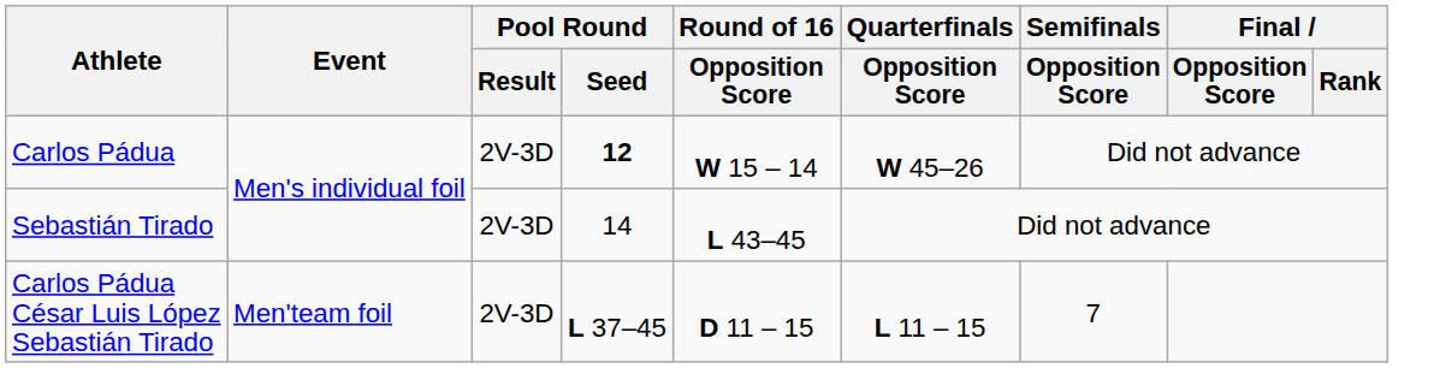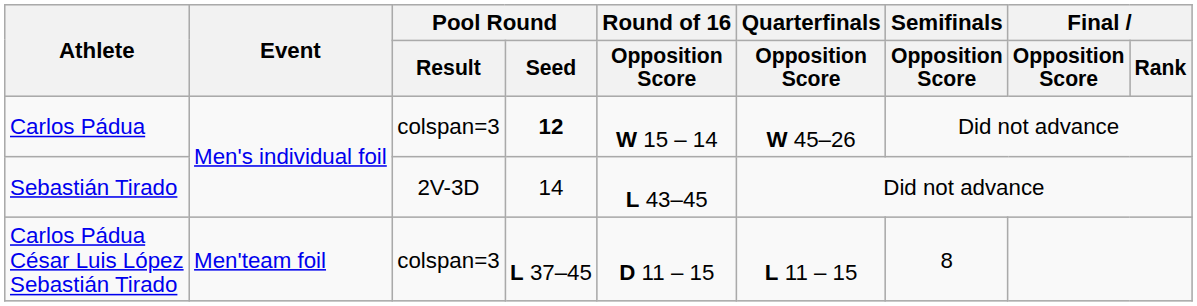 <table class=wikitable style="font-size:90%">
 <tr>
 <th rowspan="2">Athlete</th>
 <th rowspan="2">Event</th>
 <th colspan=2>Pool Round</th>
 <th>Round of 16</th>
 <th>Quarterfinals</th>
 <th>Semifinals</th>
 <th colspan=2>Final / </th>
 </tr>
 <tr style="font-size:95%">
 <th>Result</th>
 <th>Seed</th>
 <th>Opposition<br>Score</th>
 <th>Opposition<br>Score</th>
 <th>Opposition<br>Score</th>
 <th>Opposition<br>Score</th>
 <th>Rank</th>
 </tr>
 <tr align=center>
 <td align=left><a href='#'>Carlos Pádua</a></td>
 <td align=left rowspan=2><a href='#'>Men's individual foil</a></td>
-<td>2V-3D</td>
+<td>colspan=3 </td>
 <td><strong>12</strong></td>
 <td><br><strong>W</strong> 15 – 14</td>
 <td><br><strong>W</strong> 45–26</td>
 <td align=center colspan=3>Did not advance</td>
 </tr>
 <tr align=center>
 <td align=left><a href='#'>Sebastián Tirado</a></td>
 <td>2V-3D</td>
 <td>14</td>
 <td><br><strong>L</strong> 43–45</td>
 <td align=center colspan=4>Did not advance</td>
 </tr>
 <tr align=center>
 <td align=left><a href='#'>Carlos Pádua</a><br><a href='#'>César Luis López</a><br><a href='#'>Sebastián Tirado</a></td>
 <td align=left><a href='#'>Men'team foil</a></td>
-<td>2V-3D</td>
+<td>colspan=3 </td>
 <td><br><strong>L</strong> 37–45</td>
 <td><br><strong>D</strong> 11 – 15</td>
 <td><br><strong>L</strong> 11 – 15</td>
-<td>7</td>
+<td>8</td>
 </tr>
 </table>
